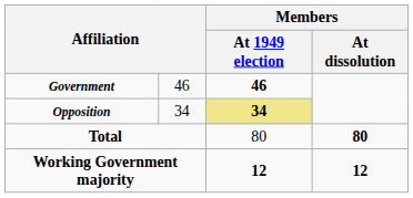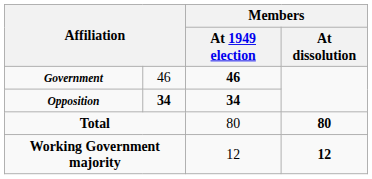 <table class="wikitable" border="1" style="font-size:95%; width:300pt; text-align:center">
 <tr>
 <th colspan="2" rowspan="2" style="text-align:center;vertical-align:middle; ">Affiliation</th>
 <th colspan="2" style="vertical-align:top;">Members</th>
 </tr>
 <tr>
 <th>At <a href='#'>1949 election</a></th>
 <th>At dissolution</th>
 </tr>
 <tr>
 <td> <small><strong><em>Government</em></strong></small></td>
 <td>46</td>
 <td><strong>46</strong></td>
 </tr>
 <tr>
 <td> <small><strong><em>Opposition</em></strong></small></td>
-<td>34</td>
-<td style="background: khaki;"><strong>34</strong></td>
+<td><strong>34</strong></td>
+<td><strong>34</strong></td>
 </tr>
 <tr>
 <td colspan="2" rowspan="1"><strong>Total</strong><br></td>
 <td>80</td>
 <td><strong>80</strong></td>
 </tr>
 <tr>
 <td colspan="2" rowspan="1"><strong>Working Government majority</strong></td>
-<td><strong>12</strong></td>
+<td>12</td>
 <td><strong>12</strong></td>
 </tr>
 </table>
